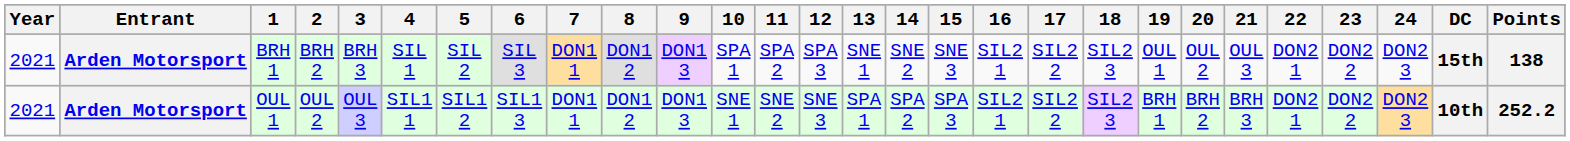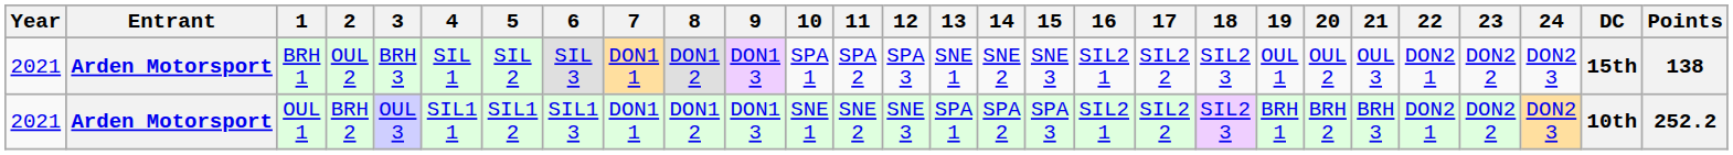 <table class="wikitable" style="text-align:center; font-size:85%">
 <tr>
 <th>Year</th>
 <th>Entrant</th>
 <th>1</th>
 <th>2</th>
 <th>3</th>
 <th>4</th>
 <th>5</th>
 <th>6</th>
 <th>7</th>
 <th>8</th>
 <th>9</th>
 <th>10</th>
 <th>11</th>
 <th>12</th>
 <th>13</th>
 <th>14</th>
 <th>15</th>
 <th>16</th>
 <th>17</th>
 <th>18</th>
 <th>19</th>
 <th>20</th>
 <th>21</th>
 <th>22</th>
 <th>23</th>
 <th>24</th>
 <th>DC</th>
 <th>Points</th>
 </tr>
 <tr>
 <td><a href='#'>2021</a></td>
 <th nowrap><a href='#'>Arden Motorsport</a></th>
 <td style="background:#DFFFDF;"><a href='#'>BRH<br>1</a><br></td>
-<td style="background:#DFFFDF;"><a href='#'>BRH<br>2</a><br></td>
+<td style="background:#DFFFDF;"><a href='#'>OUL<br>2</a><br></td>
 <td style="background:#DFFFDF;"><a href='#'>BRH<br>3</a><br></td>
 <td style="background:#DFFFDF;"><a href='#'>SIL<br>1</a><br></td>
 <td style="background:#DFFFDF;"><a href='#'>SIL<br>2</a><br></td>
 <td style="background:#DFDFDF;"><a href='#'>SIL<br>3</a><br></td>
 <td style="background:#FFDF9F;"><a href='#'>DON1<br>1</a><br></td>
 <td style="background:#DFDFDF;"><a href='#'>DON1<br>2</a><br></td>
 <td style="background:#EFCFFF;"><a href='#'>DON1<br>3</a><br></td>
 <td style="background:#;"><a href='#'>SPA<br>1</a></td>
 <td style="background:#;"><a href='#'>SPA<br>2</a></td>
 <td style="background:#;"><a href='#'>SPA<br>3</a></td>
 <td style="background:#;"><a href='#'>SNE<br>1</a></td>
 <td style="background:#;"><a href='#'>SNE<br>2</a></td>
 <td style="background:#;"><a href='#'>SNE<br>3</a></td>
 <td style="background:#;"><a href='#'>SIL2<br>1</a></td>
 <td style="background:#;"><a href='#'>SIL2<br>2</a></td>
 <td style="background:#;"><a href='#'>SIL2<br>3</a></td>
 <td style="background:#;"><a href='#'>OUL<br>1</a></td>
 <td style="background:#;"><a href='#'>OUL<br>2</a></td>
 <td style="background:#;"><a href='#'>OUL<br>3</a></td>
 <td style="background:#;"><a href='#'>DON2<br>1</a></td>
 <td style="background:#;"><a href='#'>DON2<br>2</a></td>
 <td style="background:#;"><a href='#'>DON2<br>3</a></td>
 <th>15th</th>
 <th>138</th>
 </tr>
 <tr>
 <td><a href='#'>2021</a></td>
 <th nowrap><a href='#'>Arden Motorsport</a></th>
 <td style="background:#DFFFDF;"><a href='#'>OUL<br>1</a><br></td>
-<td style="background:#DFFFDF;"><a href='#'>OUL<br>2</a><br></td>
+<td style="background:#DFFFDF;"><a href='#'>BRH<br>2</a><br></td>
 <td style="background:#CFCFFF;"><a href='#'>OUL<br>3</a><br></td>
 <td style="background:#DFFFDF;"><a href='#'>SIL1<br>1</a><br></td>
 <td style="background:#DFFFDF;"><a href='#'>SIL1<br>2</a><br></td>
 <td style="background:#DFFFDF;"><a href='#'>SIL1<br>3</a><br></td>
 <td style="background:#DFFFDF;"><a href='#'>DON1<br>1</a><br></td>
 <td style="background:#DFFFDF;"><a href='#'>DON1<br>2</a><br></td>
 <td style="background:#DFFFDF;"><a href='#'>DON1<br>3</a><br></td>
 <td style="background:#DFFFDF;"><a href='#'>SNE<br>1</a><br></td>
 <td style="background:#DFFFDF;"><a href='#'>SNE<br>2</a><br></td>
 <td style="background:#DFFFDF;"><a href='#'>SNE<br>3</a><br></td>
 <td style="background:#DFFFDF;"><a href='#'>SPA<br>1</a><br></td>
 <td style="background:#DFFFDF;"><a href='#'>SPA<br>2</a><br></td>
 <td style="background:#DFFFDF;"><a href='#'>SPA<br>3</a><br></td>
 <td style="background:#DFFFDF;"><a href='#'>SIL2<br>1</a><br></td>
 <td style="background:#DFFFDF;"><a href='#'>SIL2<br>2</a><br></td>
 <td style="background:#EFCFFF;"><a href='#'>SIL2<br>3</a><br></td>
 <td style="background:#DFFFDF;"><a href='#'>BRH<br>1</a><br></td>
 <td style="background:#DFFFDF;"><a href='#'>BRH<br>2</a><br></td>
 <td style="background:#DFFFDF;"><a href='#'>BRH<br>3</a><br></td>
 <td style="background:#DFFFDF;"><a href='#'>DON2<br>1</a><br></td>
 <td style="background:#DFFFDF;"><a href='#'>DON2<br>2</a><br></td>
 <td style="background:#FFDF9F;"><a href='#'>DON2<br>3</a><br></td>
 <th>10th</th>
 <th>252.2</th>
 </tr>
 </table>
